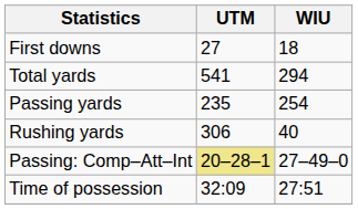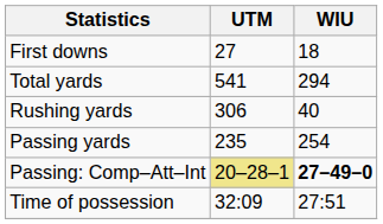 <table class="wikitable" style="float: left;">
 <tr>
 <th>Statistics</th>
 <th>UTM</th>
 <th>WIU</th>
 </tr>
 <tr>
 <td>First downs</td>
 <td>27</td>
 <td>18</td>
 </tr>
 <tr>
 <td>Total yards</td>
 <td>541</td>
 <td>294</td>
 </tr>
 <tr>
+<td>Rushing yards</td>
+<td>306</td>
+<td>40</td>
+</tr>
+<tr>
 <td>Passing yards</td>
 <td>235</td>
 <td>254</td>
 </tr>
 <tr>
-<td>Rushing yards</td>
-<td>306</td>
-<td>40</td>
-</tr>
-<tr>
 <td>Passing: Comp–Att–Int</td>
 <td style="background: khaki;">20–28–1</td>
-<td>27–49–0</td>
+<td><strong>27–49–0</strong></td>
 </tr>
 <tr>
 <td>Time of possession</td>
 <td>32:09</td>
 <td>27:51</td>
 </tr>
 <tr>
 </tr>
 </table>
